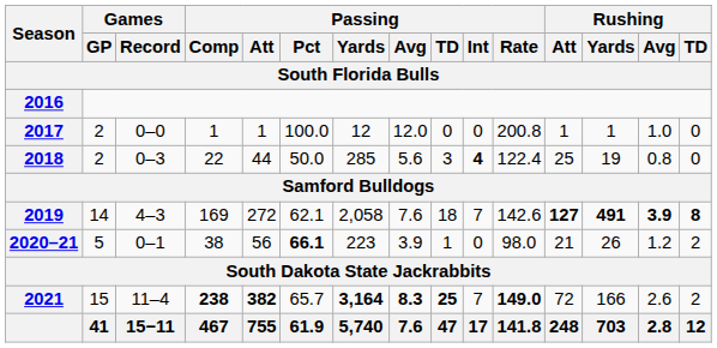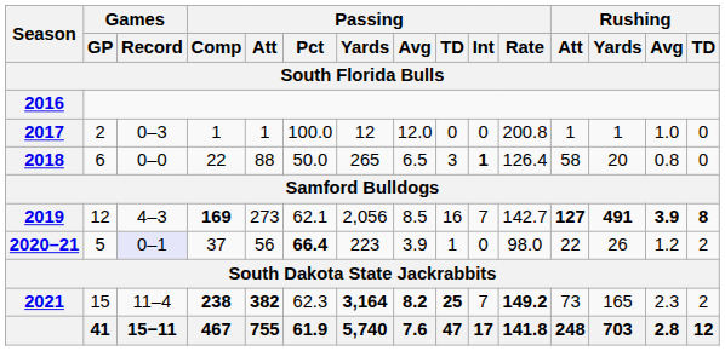 <table class="wikitable" style="text-align:center;">
 <tr>
 <th rowspan="2">Season</th>
 <th colspan="2">Games</th>
 <th colspan="8">Passing</th>
 <th colspan="4">Rushing</th>
 </tr>
 <tr>
 <th>GP</th>
 <th>Record</th>
 <th>Comp</th>
 <th>Att</th>
 <th>Pct</th>
 <th>Yards</th>
 <th>Avg</th>
 <th>TD</th>
 <th>Int</th>
 <th>Rate</th>
 <th>Att</th>
 <th>Yards</th>
 <th>Avg</th>
 <th>TD</th>
 </tr>
 <tr>
 <th colspan="16">South Florida Bulls</th>
 </tr>
 <tr>
 <th><a href='#'>2016</a></th>
 <td colspan="15"></td>
 </tr>
 <tr>
 <th><a href='#'>2017</a></th>
 <td>2</td>
-<td>0–0</td>
+<td>0–3</td>
 <td>1</td>
 <td>1</td>
 <td>100.0</td>
 <td>12</td>
 <td>12.0</td>
 <td>0</td>
 <td>0</td>
 <td>200.8</td>
 <td>1</td>
 <td>1</td>
 <td>1.0</td>
 <td>0</td>
 </tr>
 <tr>
 <th><a href='#'>2018</a></th>
-<td>2</td>
-<td>0–3</td>
+<td>6</td>
+<td>0–0</td>
 <td>22</td>
-<td>44</td>
+<td>88</td>
 <td>50.0</td>
-<td>285</td>
-<td>5.6</td>
+<td>265</td>
+<td>6.5</td>
 <td>3</td>
-<td><strong>4</strong></td>
-<td>122.4</td>
-<td>25</td>
-<td>19</td>
+<td><strong>1</strong></td>
+<td>126.4</td>
+<td>58</td>
+<td>20</td>
 <td>0.8</td>
 <td>0</td>
 </tr>
 <tr>
 <th colspan="16">Samford Bulldogs</th>
 </tr>
 <tr>
 <th><a href='#'>2019</a></th>
-<td>14</td>
+<td>12</td>
 <td>4–3</td>
-<td>169</td>
-<td>272</td>
+<td><strong>169</strong></td>
+<td>273</td>
 <td>62.1</td>
-<td>2,058</td>
-<td>7.6</td>
-<td>18</td>
+<td>2,056</td>
+<td>8.5</td>
+<td>16</td>
 <td>7</td>
-<td>142.6</td>
+<td>142.7</td>
 <td><strong>127</strong></td>
 <td><strong>491</strong></td>
 <td><strong>3.9</strong></td>
 <td><strong>8</strong></td>
 </tr>
 <tr>
 <th><a href='#'>2020–21</a></th>
 <td>5</td>
-<td>0–1</td>
-<td>38</td>
+<td style="background: lavender;">0–1</td>
+<td>37</td>
 <td>56</td>
-<td><strong>66.1</strong></td>
+<td><strong>66.4</strong></td>
 <td>223</td>
 <td>3.9</td>
 <td>1</td>
 <td>0</td>
 <td>98.0</td>
-<td>21</td>
+<td>22</td>
 <td>26</td>
 <td>1.2</td>
 <td>2</td>
 </tr>
 <tr>
 <th colspan="16">South Dakota State Jackrabbits</th>
 </tr>
 <tr>
 <th><a href='#'>2021</a></th>
 <td>15</td>
 <td>11–4</td>
 <td><strong>238</strong></td>
 <td><strong>382</strong></td>
-<td>65.7</td>
+<td>62.3</td>
 <td><strong>3,164</strong></td>
-<td><strong>8.3</strong></td>
+<td><strong>8.2</strong></td>
 <td><strong>25</strong></td>
 <td>7</td>
-<td><strong>149.0</strong></td>
-<td>72</td>
-<td>166</td>
-<td>2.6</td>
+<td><strong>149.2</strong></td>
+<td>73</td>
+<td>165</td>
+<td>2.3</td>
 <td>2</td>
 </tr>
 <tr>
 <th></th>
 <th>41</th>
 <th>15−11</th>
 <th>467</th>
 <th>755</th>
 <th>61.9</th>
 <th>5,740</th>
 <th>7.6</th>
 <th>47</th>
 <th>17</th>
 <th>141.8</th>
 <th>248</th>
 <th>703</th>
 <th>2.8</th>
 <th>12</th>
 </tr>
 </table>
